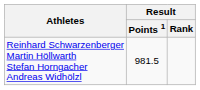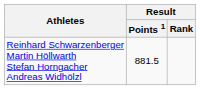 <table class="wikitable" border="1" style="font-size:90%">
 <tr>
 <th rowspan=2>Athletes</th>
 <th colspan=2>Result</th>
 </tr>
 <tr>
 <th>Points <sup>1</sup></th>
 <th>Rank</th>
 </tr>
 <tr>
 <td><a href='#'>Reinhard Schwarzenberger</a><br><a href='#'>Martin Höllwarth</a><br><a href='#'>Stefan Horngacher</a><br><a href='#'>Andreas Widhölzl</a></td>
-<td align=center>981.5</td>
+<td align=center>881.5</td>
 <td align=center></td>
 </tr>
 </table>
